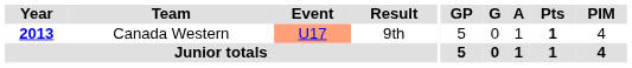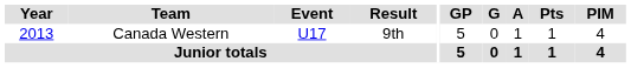 <table border="0" cellpadding="1" cellspacing="0" ID="Table3" style="text-align:center; width:40em">
 <tr ALIGN="center" bgcolor="#e0e0e0">
 <th>Year</th>
 <th>Team</th>
 <th>Event</th>
 <th>Result</th>
 <th rowspan="99" bgcolor="#ffffff"></th>
 <th>GP</th>
 <th>G</th>
 <th>A</th>
 <th>Pts</th>
 <th>PIM</th>
 </tr>
 <tr>
-<td><strong><a href='#'>2013</a></strong></td>
+<td><a href='#'>2013</a></td>
 <td>Canada Western</td>
-<td style="background: lightsalmon;"><a href='#'>U17</a></td>
+<td><a href='#'>U17</a></td>
 <td>9th</td>
 <td>5</td>
 <td>0</td>
 <td>1</td>
-<td><strong>1</strong></td>
+<td>1</td>
 <td>4</td>
 </tr>
 <tr bgcolor="#e0e0e0">
 <th colspan="4">Junior totals</th>
 <th>5</th>
 <th>0</th>
 <th>1</th>
 <th>1</th>
 <th>4</th>
 </tr>
 </table>
